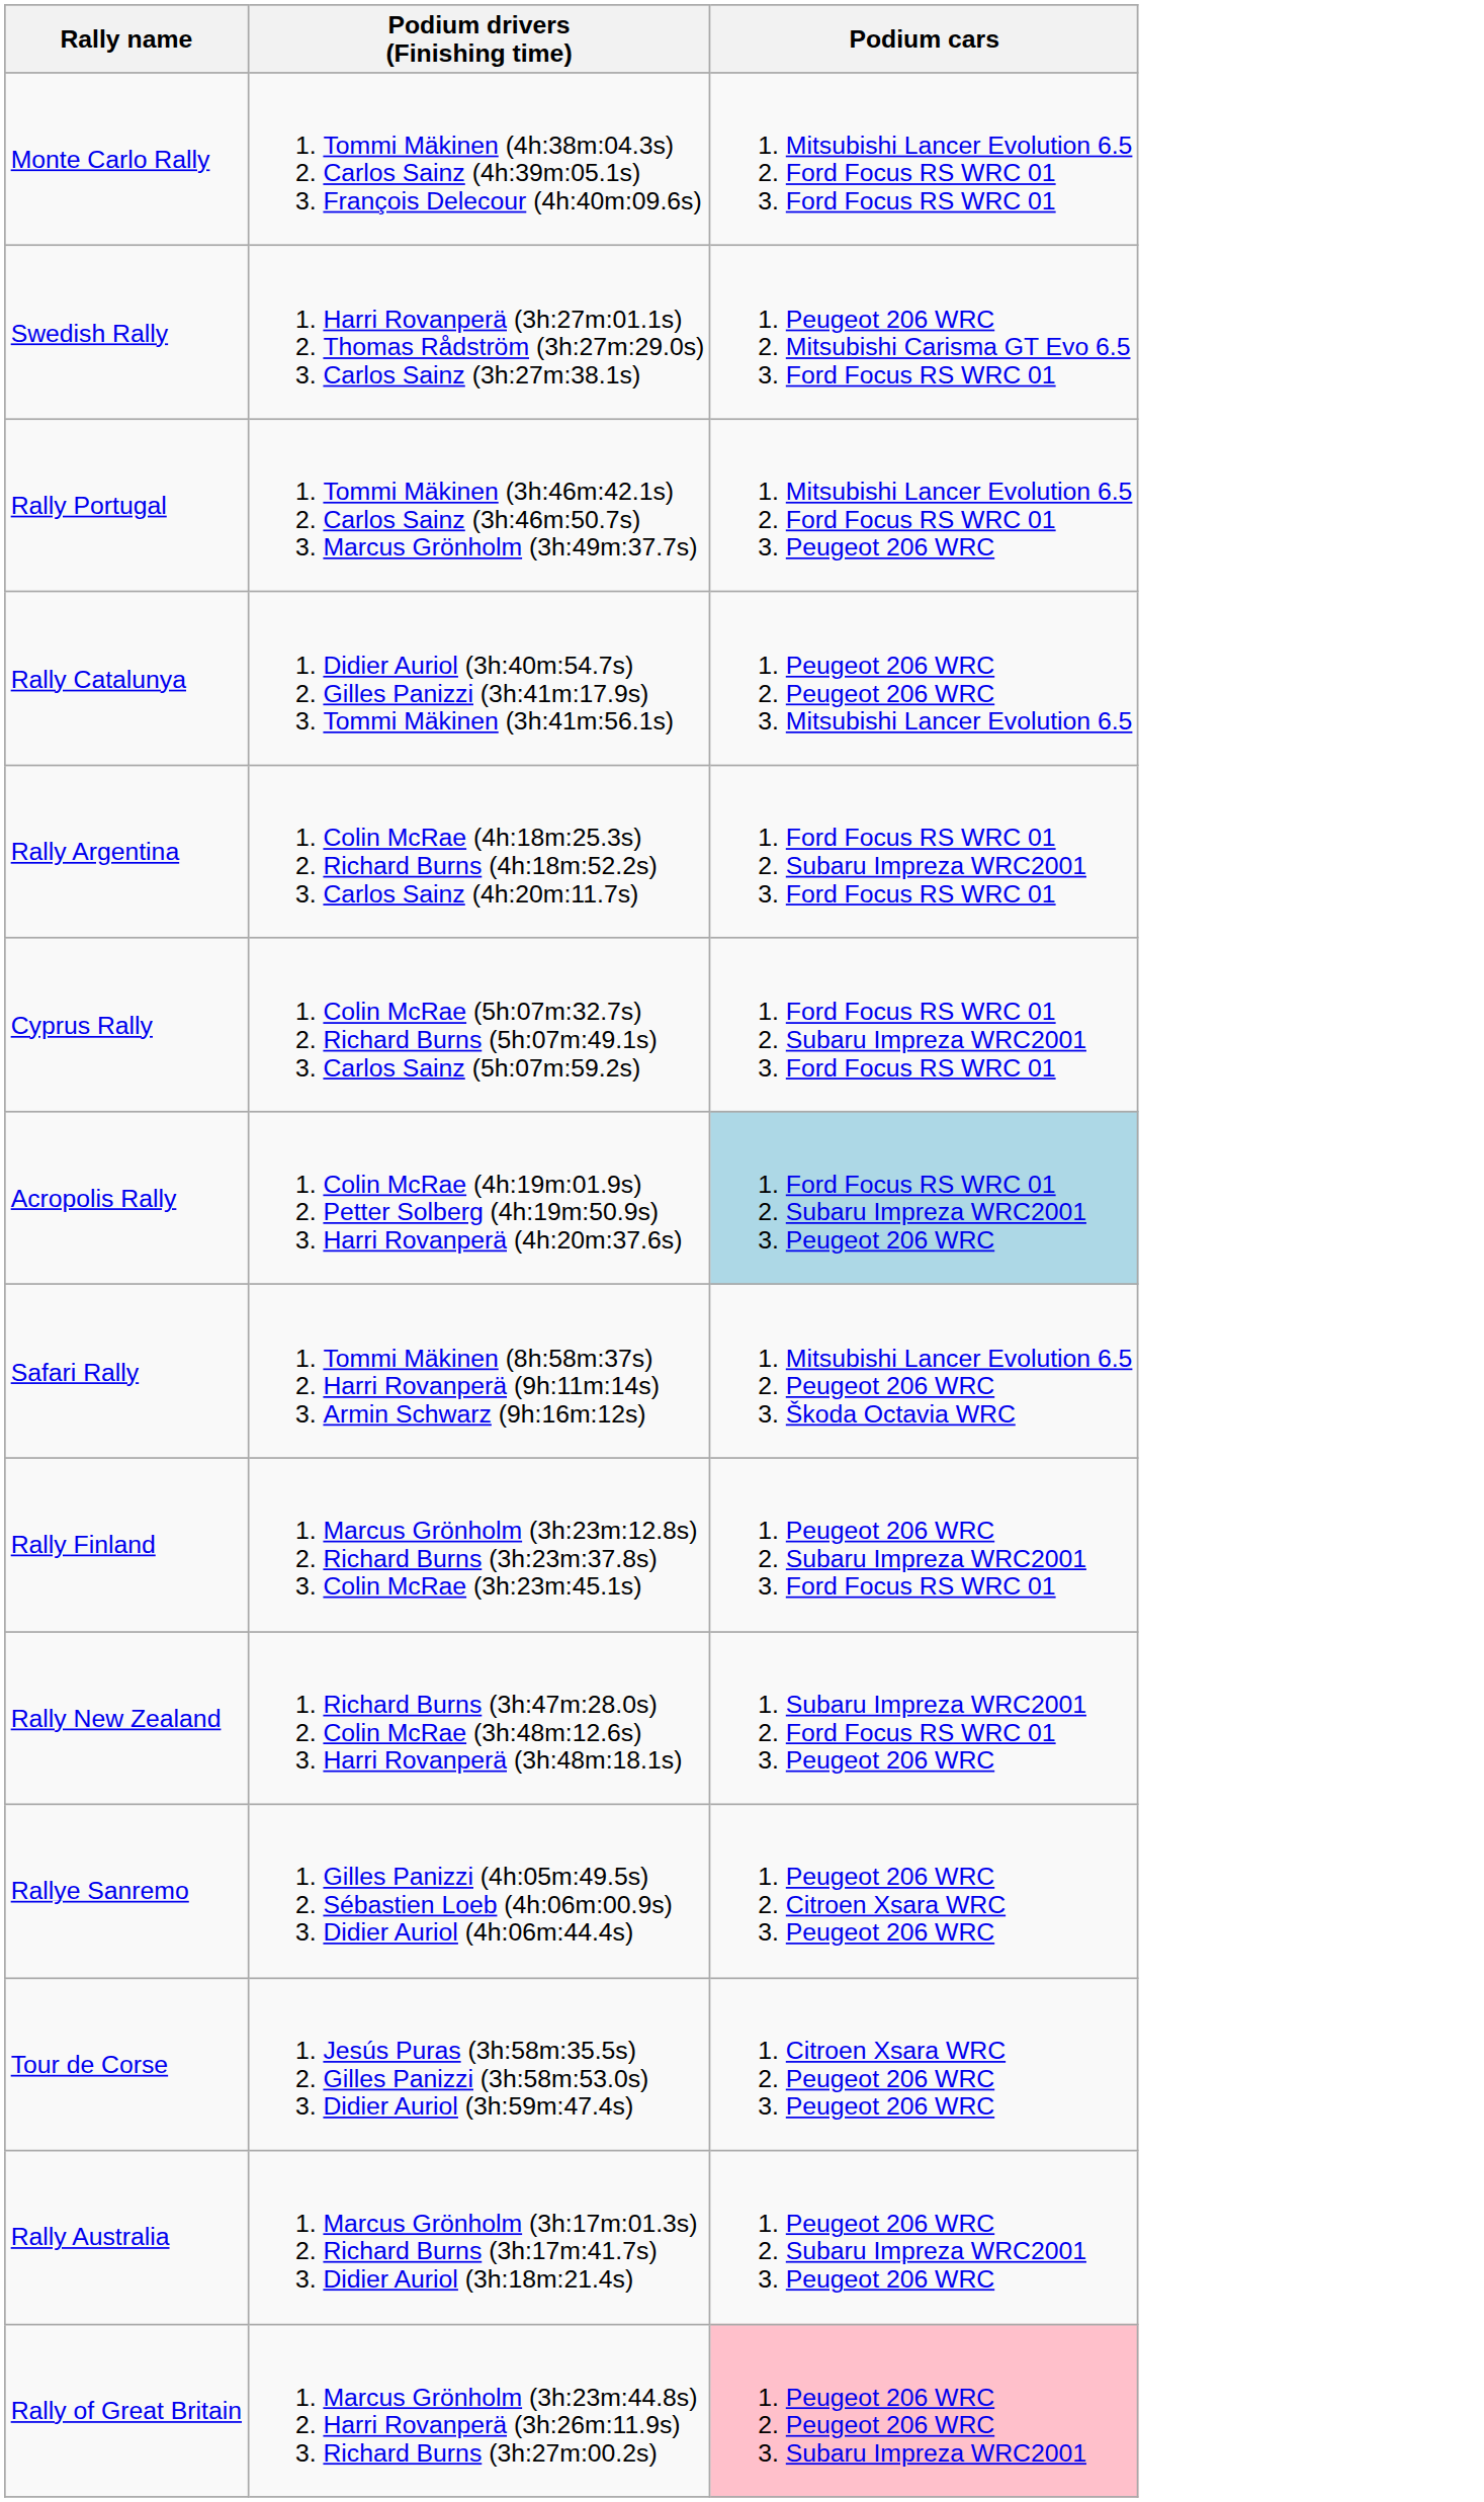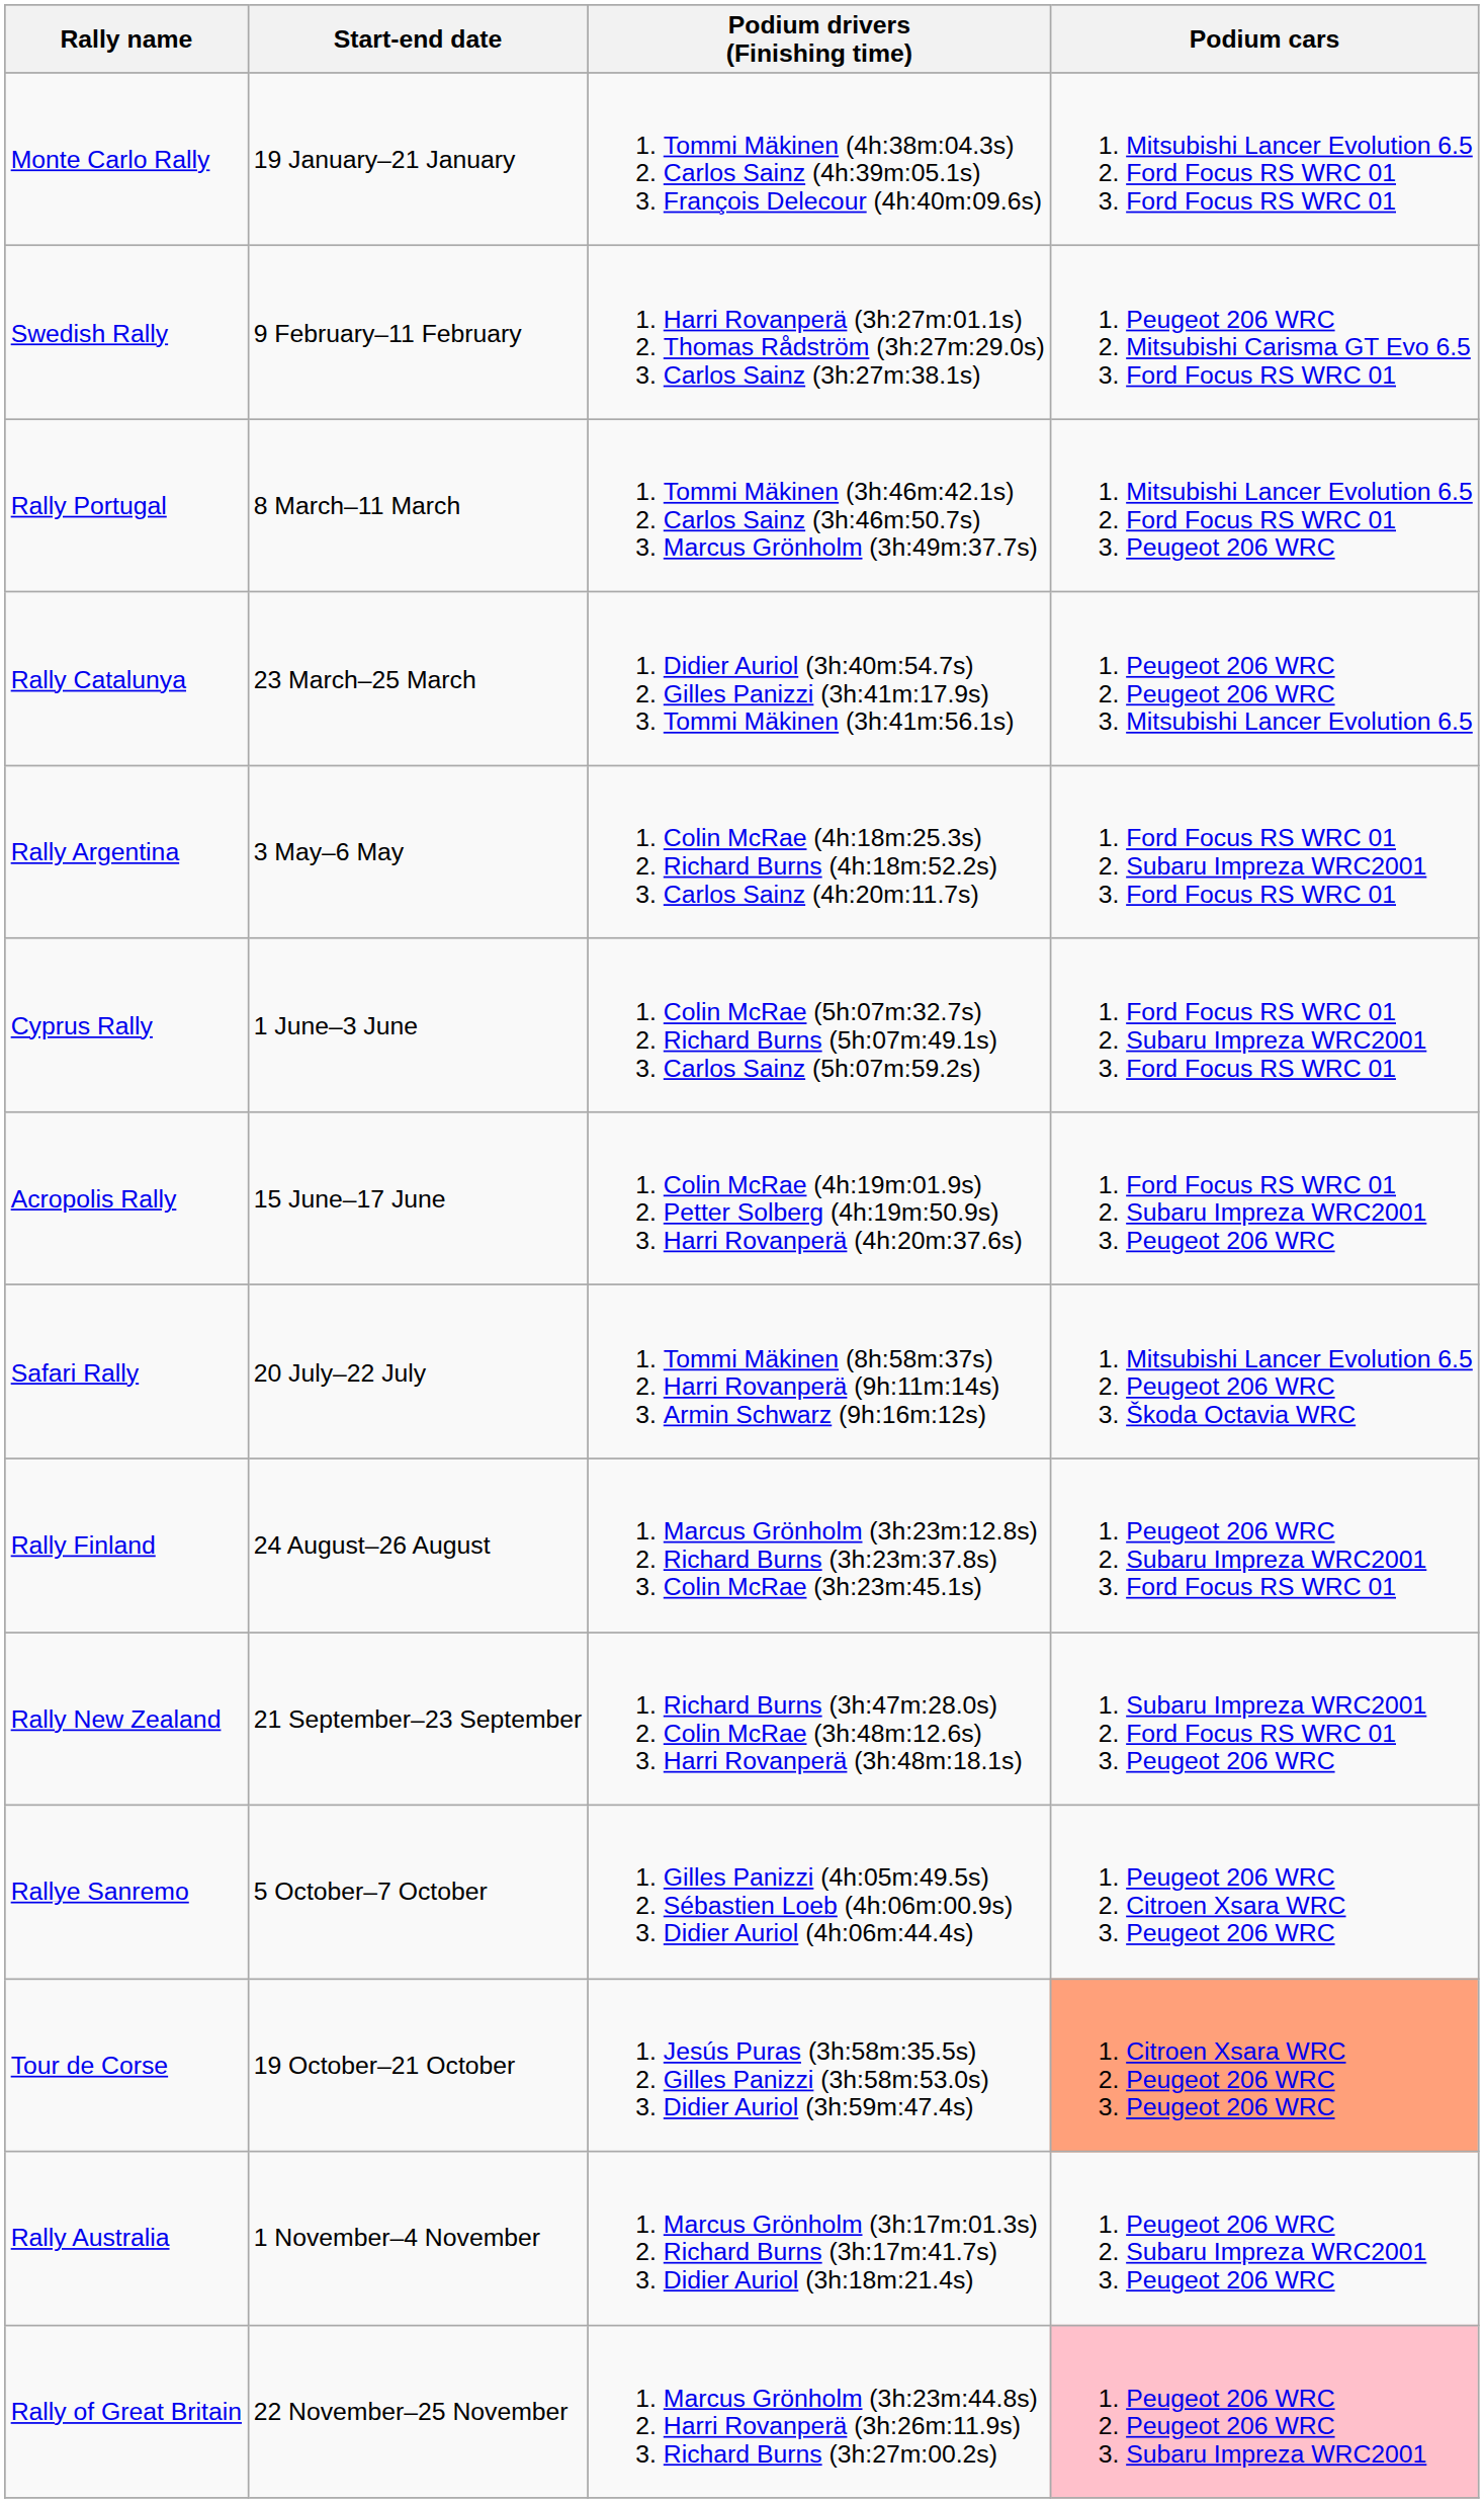 <table class="wikitable" align=center style="font-size:90%;">
 <tr style="background:#efefef;">
 <th colspan=1>Rally name</th>
+<th colspan=1>Start-end date</th>
 <th colspan=1>Podium drivers <br>(Finishing time)</th>
 <th colspan=1>Podium cars</th>
 </tr>
 <tr>
 <td> <a href='#'>Monte Carlo Rally</a></td>
+<td>19 January–21 January</td>
 <td><br><ol><li> <a href='#'>Tommi Mäkinen</a> (4h:38m:04.3s)</li><li> <a href='#'>Carlos Sainz</a> (4h:39m:05.1s)</li><li> <a href='#'>François Delecour</a> (4h:40m:09.6s)</li></ol></td>
 <td><br><ol><li><a href='#'>Mitsubishi Lancer Evolution 6.5</a></li><li><a href='#'>Ford Focus RS WRC 01</a></li><li><a href='#'>Ford Focus RS WRC 01</a></li></ol></td>
 </tr>
 <tr>
 <td> <a href='#'>Swedish Rally</a></td>
+<td>9 February–11 February</td>
 <td><br><ol><li> <a href='#'>Harri Rovanperä</a> (3h:27m:01.1s)</li><li> <a href='#'>Thomas Rådström</a> (3h:27m:29.0s)</li><li> <a href='#'>Carlos Sainz</a> (3h:27m:38.1s)</li></ol></td>
 <td><br><ol><li><a href='#'>Peugeot 206 WRC</a></li><li><a href='#'>Mitsubishi Carisma GT Evo 6.5</a></li><li><a href='#'>Ford Focus RS WRC 01</a></li></ol></td>
 </tr>
 <tr>
 <td> <a href='#'>Rally Portugal</a></td>
+<td>8 March–11 March</td>
 <td><br><ol><li> <a href='#'>Tommi Mäkinen</a> (3h:46m:42.1s)</li><li> <a href='#'>Carlos Sainz</a> (3h:46m:50.7s)</li><li> <a href='#'>Marcus Grönholm</a> (3h:49m:37.7s)</li></ol></td>
 <td><br><ol><li><a href='#'>Mitsubishi Lancer Evolution 6.5</a></li><li><a href='#'>Ford Focus RS WRC 01</a></li><li><a href='#'>Peugeot 206 WRC</a></li></ol></td>
 </tr>
 <tr>
 <td> <a href='#'>Rally Catalunya</a></td>
+<td>23 March–25 March</td>
 <td><br><ol><li> <a href='#'>Didier Auriol</a> (3h:40m:54.7s)</li><li> <a href='#'>Gilles Panizzi</a> (3h:41m:17.9s)</li><li> <a href='#'>Tommi Mäkinen</a> (3h:41m:56.1s)</li></ol></td>
 <td><br><ol><li><a href='#'>Peugeot 206 WRC</a></li><li><a href='#'>Peugeot 206 WRC</a></li><li><a href='#'>Mitsubishi Lancer Evolution 6.5</a></li></ol></td>
 </tr>
 <tr>
 <td> <a href='#'>Rally Argentina</a></td>
+<td>3 May–6 May</td>
 <td><br><ol><li> <a href='#'>Colin McRae</a> (4h:18m:25.3s)</li><li> <a href='#'>Richard Burns</a> (4h:18m:52.2s)</li><li> <a href='#'>Carlos Sainz</a> (4h:20m:11.7s)</li></ol></td>
 <td><br><ol><li><a href='#'>Ford Focus RS WRC 01</a></li><li><a href='#'>Subaru Impreza WRC2001</a></li><li><a href='#'>Ford Focus RS WRC 01</a></li></ol></td>
 </tr>
 <tr>
 <td> <a href='#'>Cyprus Rally</a></td>
+<td>1 June–3 June</td>
 <td><br><ol><li> <a href='#'>Colin McRae</a> (5h:07m:32.7s)</li><li> <a href='#'>Richard Burns</a> (5h:07m:49.1s)</li><li> <a href='#'>Carlos Sainz</a> (5h:07m:59.2s)</li></ol></td>
 <td><br><ol><li><a href='#'>Ford Focus RS WRC 01</a></li><li><a href='#'>Subaru Impreza WRC2001</a></li><li><a href='#'>Ford Focus RS WRC 01</a></li></ol></td>
 </tr>
 <tr>
 <td> <a href='#'>Acropolis Rally</a></td>
+<td>15 June–17 June</td>
 <td><br><ol><li> <a href='#'>Colin McRae</a> (4h:19m:01.9s)</li><li> <a href='#'>Petter Solberg</a> (4h:19m:50.9s)</li><li> <a href='#'>Harri Rovanperä</a> (4h:20m:37.6s)</li></ol></td>
-<td style="background: lightblue;"><br><ol><li><a href='#'>Ford Focus RS WRC 01</a></li><li><a href='#'>Subaru Impreza WRC2001</a></li><li><a href='#'>Peugeot 206 WRC</a></li></ol></td>
+<td><br><ol><li><a href='#'>Ford Focus RS WRC 01</a></li><li><a href='#'>Subaru Impreza WRC2001</a></li><li><a href='#'>Peugeot 206 WRC</a></li></ol></td>
 </tr>
 <tr>
 <td> <a href='#'>Safari Rally</a></td>
+<td>20 July–22 July</td>
 <td><br><ol><li> <a href='#'>Tommi Mäkinen</a> (8h:58m:37s)</li><li> <a href='#'>Harri Rovanperä</a> (9h:11m:14s)</li><li> <a href='#'>Armin Schwarz</a> (9h:16m:12s)</li></ol></td>
 <td><br><ol><li><a href='#'>Mitsubishi Lancer Evolution 6.5</a></li><li><a href='#'>Peugeot 206 WRC</a></li><li><a href='#'>Škoda Octavia WRC</a></li></ol></td>
 </tr>
 <tr>
 <td> <a href='#'>Rally Finland</a></td>
+<td>24 August–26 August</td>
 <td><br><ol><li> <a href='#'>Marcus Grönholm</a> (3h:23m:12.8s)</li><li> <a href='#'>Richard Burns</a> (3h:23m:37.8s)</li><li> <a href='#'>Colin McRae</a> (3h:23m:45.1s)</li></ol></td>
 <td><br><ol><li><a href='#'>Peugeot 206 WRC</a></li><li><a href='#'>Subaru Impreza WRC2001</a></li><li><a href='#'>Ford Focus RS WRC 01</a></li></ol></td>
 </tr>
 <tr>
 <td> <a href='#'>Rally New Zealand</a></td>
+<td>21 September–23 September</td>
 <td><br><ol><li> <a href='#'>Richard Burns</a> (3h:47m:28.0s)</li><li> <a href='#'>Colin McRae</a> (3h:48m:12.6s)</li><li> <a href='#'>Harri Rovanperä</a> (3h:48m:18.1s)</li></ol></td>
 <td><br><ol><li><a href='#'>Subaru Impreza WRC2001</a></li><li><a href='#'>Ford Focus RS WRC 01</a></li><li><a href='#'>Peugeot 206 WRC</a></li></ol></td>
 </tr>
 <tr>
 <td> <a href='#'>Rallye Sanremo</a></td>
+<td>5 October–7 October</td>
 <td><br><ol><li> <a href='#'>Gilles Panizzi</a> (4h:05m:49.5s)</li><li> <a href='#'>Sébastien Loeb</a> (4h:06m:00.9s)</li><li> <a href='#'>Didier Auriol</a> (4h:06m:44.4s)</li></ol></td>
 <td><br><ol><li><a href='#'>Peugeot 206 WRC</a></li><li><a href='#'>Citroen Xsara WRC</a></li><li><a href='#'>Peugeot 206 WRC</a></li></ol></td>
 </tr>
 <tr>
 <td> <a href='#'>Tour de Corse</a></td>
+<td>19 October–21 October</td>
 <td><br><ol><li> <a href='#'>Jesús Puras</a> (3h:58m:35.5s)</li><li> <a href='#'>Gilles Panizzi</a> (3h:58m:53.0s)</li><li> <a href='#'>Didier Auriol</a> (3h:59m:47.4s)</li></ol></td>
-<td><br><ol><li><a href='#'>Citroen Xsara WRC</a></li><li><a href='#'>Peugeot 206 WRC</a></li><li><a href='#'>Peugeot 206 WRC</a></li></ol></td>
+<td style="background: lightsalmon;"><br><ol><li><a href='#'>Citroen Xsara WRC</a></li><li><a href='#'>Peugeot 206 WRC</a></li><li><a href='#'>Peugeot 206 WRC</a></li></ol></td>
 </tr>
 <tr>
 <td> <a href='#'>Rally Australia</a></td>
+<td>1 November–4 November</td>
 <td><br><ol><li> <a href='#'>Marcus Grönholm</a> (3h:17m:01.3s)</li><li> <a href='#'>Richard Burns</a> (3h:17m:41.7s)</li><li> <a href='#'>Didier Auriol</a> (3h:18m:21.4s)</li></ol></td>
 <td><br><ol><li><a href='#'>Peugeot 206 WRC</a></li><li><a href='#'>Subaru Impreza WRC2001</a></li><li><a href='#'>Peugeot 206 WRC</a></li></ol></td>
 </tr>
 <tr>
 <td> <a href='#'>Rally of Great Britain</a></td>
+<td>22 November–25 November</td>
 <td><br><ol><li> <a href='#'>Marcus Grönholm</a> (3h:23m:44.8s)</li><li> <a href='#'>Harri Rovanperä</a> (3h:26m:11.9s)</li><li> <a href='#'>Richard Burns</a> (3h:27m:00.2s)</li></ol></td>
 <td style="background: pink;"><br><ol><li><a href='#'>Peugeot 206 WRC</a></li><li><a href='#'>Peugeot 206 WRC</a></li><li><a href='#'>Subaru Impreza WRC2001</a></li></ol></td>
 </tr>
 </table>
